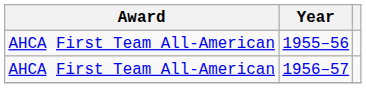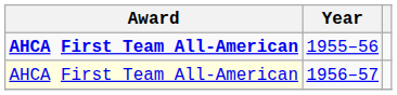 <table class="wikitable">
 <tr>
 <th>Award</th>
 <th>Year</th>
 <th></th>
 </tr>
 <tr>
-<td><a href='#'>AHCA</a> <a href='#'>First Team All-American</a></td>
+<td><strong><a href='#'>AHCA</a> <a href='#'>First Team All-American</a></strong></td>
 <td><a href='#'>1955–56</a></td>
 <td></td>
 </tr>
 <tr>
-<td><a href='#'>AHCA</a> <a href='#'>First Team All-American</a></td>
+<td style="background: lightyellow;"><a href='#'>AHCA</a> <a href='#'>First Team All-American</a></td>
 <td><a href='#'>1956–57</a></td>
 <td></td>
 </tr>
 <tr>
 </tr>
 </table>
